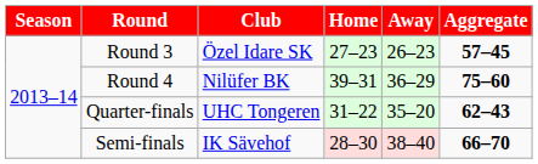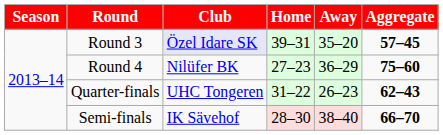 <table class="wikitable">
 <tr>
 <th style="color:#FFFFFF; background:#FF0000">Season</th>
 <th style="color:#FFFFFF; background:#FF0000">Round</th>
 <th style="color:#FFFFFF; background:#FF0000">Club</th>
 <th style="color:#FFFFFF; background:#FF0000">Home</th>
 <th style="color:#FFFFFF; background:#FF0000">Away</th>
 <th style="color:#FFFFFF; background:#FF0000">Aggregate</th>
 </tr>
 <tr>
 <td rowspan=5><a href='#'>2013–14</a></td>
 <td align=center>Round 3</td>
-<td> <a href='#'>Özel Idare SK</a></td>
-<td style="text-align:center; background:#dfd;">27–23</td>
-<td style="text-align:center; background:#dfd;">26–23</td>
+<td style="background: lavender;"> <a href='#'>Özel Idare SK</a></td>
+<td style="text-align:center; background:#dfd;">39–31</td>
+<td style="text-align:center; background:#dfd;">35–20</td>
 <td style="text-align:center;"><strong>57–45</strong></td>
 </tr>
 <tr>
 <td align=center>Round 4</td>
 <td> <a href='#'>Nilüfer BK</a></td>
-<td style="text-align:center; background:#dfd;">39–31</td>
+<td style="text-align:center; background:#dfd;">27–23</td>
 <td style="text-align:center; background:#dfd;">36–29</td>
 <td style="text-align:center;"><strong>75–60</strong></td>
 </tr>
 <tr>
 <td align=center>Quarter-finals</td>
 <td> <a href='#'>UHC Tongeren</a></td>
 <td style="text-align:center; background:#dfd;">31–22</td>
-<td style="text-align:center; background:#dfd;">35–20</td>
+<td style="text-align:center; background:#dfd;">26–23</td>
 <td style="text-align:center;"><strong>62–43</strong></td>
 </tr>
 <tr>
 <td align=center>Semi-finals</td>
 <td> <a href='#'>IK Sävehof</a></td>
 <td style="text-align:center; background:#fdd;">28–30</td>
 <td style="text-align:center; background:#fdd;">38–40</td>
 <td style="text-align:center;"><strong>66–70</strong></td>
 </tr>
 </table>
